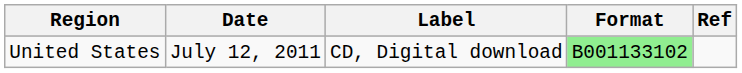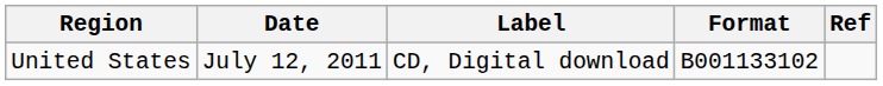 <table class="wikitable" style="text-align:center;">
 <tr>
 <th>Region</th>
 <th>Date</th>
 <th>Label</th>
 <th>Format</th>
 <th>Ref</th>
 </tr>
 <tr>
 <td>United States</td>
 <td>July 12, 2011</td>
 <td rowspan="3">CD, Digital download</td>
-<td style="background: lightgreen;">B001133102</td>
+<td>B001133102</td>
 <td></td>
 </tr>
 </table>
